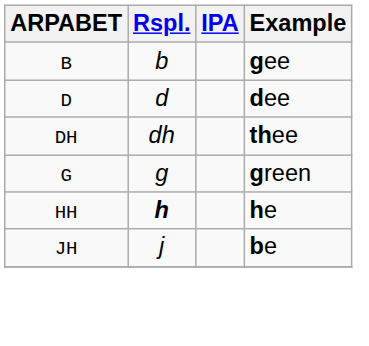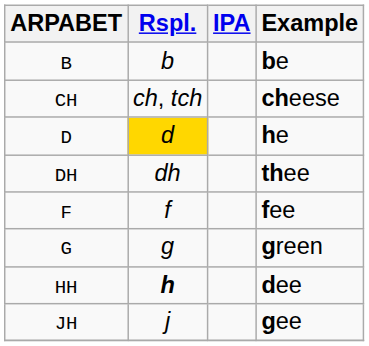 <table class="wikitable" style="display:inline-table; text-align: center;">
 <tr>
 <th colspan="1">ARPABET</th>
 <th colspan="1"><a href='#'>Rspl.</a></th>
 <th rowspan="1"><a href='#'>IPA</a></th>
 <th rowspan="1">Example</th>
 </tr>
 <tr>
 <td><code>B</code></td>
 <td><em>b</em></td>
 <td></td>
-<td style="text-align:left"><strong>g</strong>ee</td>
+<td style="text-align:left"><strong>b</strong>e</td>
+</tr>
+<tr>
+<td><code>CH</code></td>
+<td><em>ch</em>, <em>tch</em></td>
+<td></td>
+<td style="text-align:left"><strong>ch</strong>eese</td>
 </tr>
 <tr>
 <td><code>D</code></td>
-<td><em>d</em></td>
+<td style="background: gold;"><em>d</em></td>
 <td></td>
-<td style="text-align:left"><strong>d</strong>ee</td>
+<td style="text-align:left"><strong>h</strong>e</td>
 </tr>
 <tr>
 <td><code>DH</code></td>
 <td><em>dh</em></td>
 <td></td>
 <td style="text-align:left"><strong>th</strong>ee</td>
+</tr>
+<tr>
+<td><code>F</code></td>
+<td><em>f</em></td>
+<td></td>
+<td style="text-align:left"><strong>f</strong>ee</td>
 </tr>
 <tr>
 <td><code>G</code></td>
 <td><em>g</em></td>
 <td></td>
 <td style="text-align:left"><strong>g</strong>reen</td>
 </tr>
 <tr>
 <td><code>HH</code></td>
 <td><strong><em>h</em></strong></td>
 <td></td>
-<td style="text-align:left"><strong>h</strong>e</td>
+<td style="text-align:left"><strong>d</strong>ee</td>
 </tr>
 <tr>
 <td><code>JH</code></td>
 <td><em>j</em></td>
 <td></td>
-<td style="text-align:left"><strong>b</strong>e</td>
+<td style="text-align:left"><strong>g</strong>ee</td>
 </tr>
 <tr>
 </tr>
 </table>
